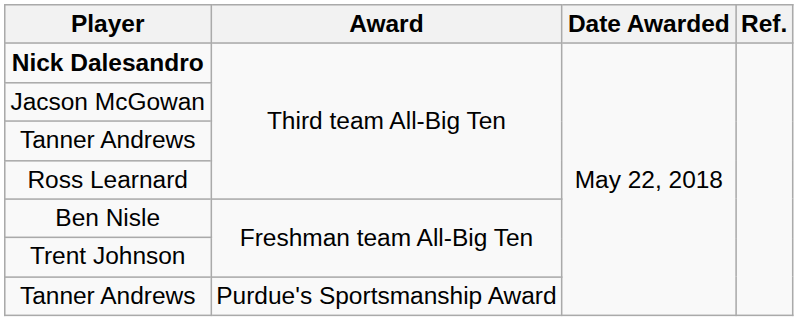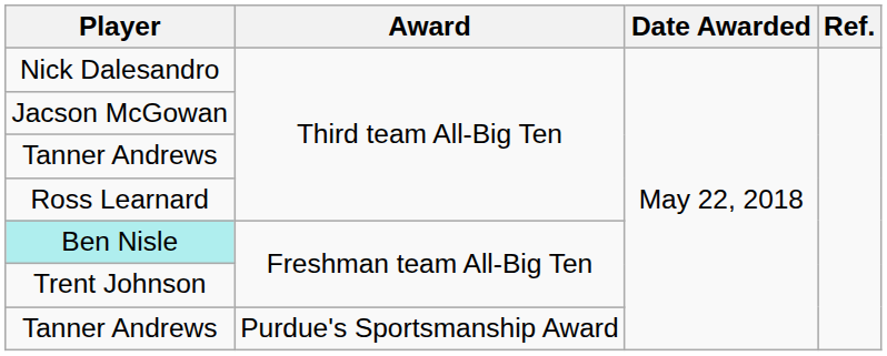 <table class="wikitable sortable sortable" style="text-align: center">
 <tr align=center>
 <th>Player</th>
 <th>Award</th>
 <th>Date Awarded</th>
 <th>Ref.</th>
 </tr>
 <tr>
-<td><strong>Nick Dalesandro</strong></td>
+<td>Nick Dalesandro</td>
 <td rowspan="4">Third team All-Big Ten</td>
 <td rowspan="7">May 22, 2018</td>
 <td rowspan="7"></td>
 </tr>
 <tr>
 <td>Jacson McGowan</td>
 </tr>
 <tr>
 <td>Tanner Andrews</td>
 </tr>
 <tr>
 <td>Ross Learnard</td>
 </tr>
 <tr>
-<td>Ben Nisle</td>
+<td style="background: paleturquoise;">Ben Nisle</td>
 <td rowspan="2">Freshman team All-Big Ten</td>
 </tr>
 <tr>
 <td>Trent Johnson</td>
 </tr>
 <tr>
 <td>Tanner Andrews</td>
 <td rowspan="1">Purdue's Sportsmanship Award</td>
 </tr>
 </table>
